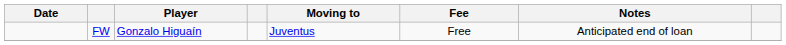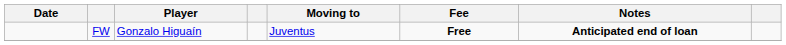 <table class="wikitable sortable">
 <tr>
 <th style="width:110px">Date</th>
 <th style="width:30px"></th>
 <th style="width:180px">Player</th>
 <th style="width:20px"></th>
 <th style="width:180px">Moving to</th>
 <th style="width:160px">Fee</th>
 <th style="width:320px" class="unsortable">Notes</th>
 <th style="width:35px"></th>
 </tr>
 <tr>
 <td></td>
 <td style="text-align:center"><a href='#'>FW</a></td>
 <td> <a href='#'>Gonzalo Higuaín</a></td>
 <td style="text-align:center"></td>
 <td> <a href='#'>Juventus</a></td>
-<td style="text-align:center">Free</td>
-<td style="text-align:center">Anticipated end of loan</td>
+<td style="text-align:center"><strong>Free</strong></td>
+<td style="text-align:center"><strong>Anticipated end of loan</strong></td>
 <td></td>
 </tr>
 <tr>
 </tr>
 </table>
